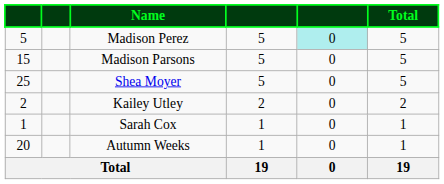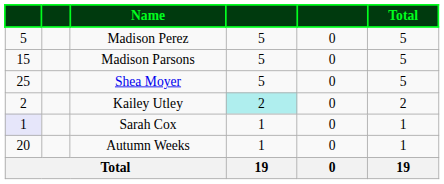 <table class="wikitable sortable" style="text-align:center;">
 <tr>
 <th style="background:#003a0e; color:#00FE1E; border:2px solid #00FE1E; width:35px;" scope="col"></th>
 <th style="background:#003a0e; color:#00FE1E; border:2px solid #00FE1E; width:25px;" scope="col"></th>
 <th style="background:#003a0e; color:#00FE1E; border:2px solid #00FE1E; width:175px;" scope="col">Name</th>
 <th style="background:#003a0e; color:#00FE1E; border:2px solid #00FE1E; width:75px;" scope="col"></th>
 <th style="background:#003a0e; color:#00FE1E; border:2px solid #00FE1E; width:75px;" scope="col"></th>
 <th style="background:#003a0e; color:#00FE1E; border:2px solid #00FE1E; width:75px;" scope="col">Total</th>
 </tr>
 <tr>
 <td>5</td>
 <td></td>
 <td>Madison Perez</td>
 <td>5</td>
-<td style="background: paleturquoise;">0</td>
+<td>0</td>
 <td>5</td>
 </tr>
 <tr>
 <td>15</td>
 <td></td>
 <td>Madison Parsons</td>
 <td>5</td>
 <td>0</td>
 <td>5</td>
 </tr>
 <tr>
 <td>25</td>
 <td></td>
 <td><a href='#'>Shea Moyer</a></td>
 <td>5</td>
 <td>0</td>
 <td>5</td>
 </tr>
 <tr>
 <td>2</td>
 <td></td>
 <td>Kailey Utley</td>
-<td>2</td>
+<td style="background: paleturquoise;">2</td>
 <td>0</td>
 <td>2</td>
 </tr>
 <tr>
-<td>1</td>
+<td style="background: lavender;">1</td>
 <td></td>
 <td>Sarah Cox</td>
 <td>1</td>
 <td>0</td>
 <td>1</td>
 </tr>
 <tr>
 <td>20</td>
 <td></td>
 <td>Autumn Weeks</td>
 <td>1</td>
 <td>0</td>
 <td>1</td>
 </tr>
 <tr>
 <th colspan="3">Total</th>
 <th>19</th>
 <th>0</th>
 <th>19</th>
 </tr>
 </table>
